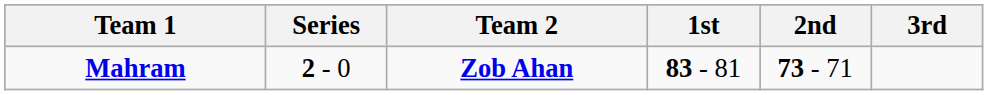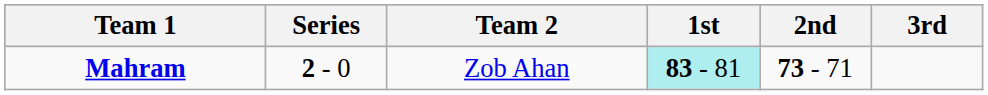 <table class="wikitable" style="text-align:center">
 <tr>
 <th width=150>Team 1</th>
 <th width=65>Series</th>
 <th width=150>Team 2</th>
 <th width=60>1st</th>
 <th width=60>2nd</th>
 <th width=60>3rd</th>
 </tr>
 <tr>
 <td><strong><a href='#'>Mahram</a></strong></td>
 <td><strong>2</strong> - 0</td>
-<td><strong><a href='#'>Zob Ahan</a></strong></td>
-<td><strong>83</strong> - 81</td>
+<td><a href='#'>Zob Ahan</a></td>
+<td style="background: paleturquoise;"><strong>83</strong> - 81</td>
 <td><strong>73</strong> - 71</td>
 </tr>
 </table>
